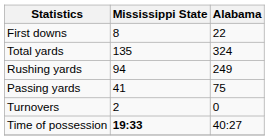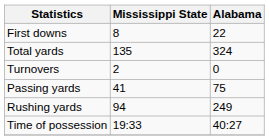 <table class="wikitable" style="float: left;">
 <tr>
 <th>Statistics</th>
 <th>Mississippi State</th>
 <th>Alabama</th>
 </tr>
 <tr>
 <td>First downs</td>
 <td>8</td>
 <td>22</td>
 </tr>
 <tr>
 <td>Total yards</td>
 <td>135</td>
 <td>324</td>
 </tr>
 <tr>
-<td>Rushing yards</td>
-<td>94</td>
-<td>249</td>
+<td>Turnovers</td>
+<td>2</td>
+<td>0</td>
 </tr>
 <tr>
 <td>Passing yards</td>
 <td>41</td>
 <td>75</td>
 </tr>
 <tr>
-<td>Turnovers</td>
-<td>2</td>
-<td>0</td>
+<td>Rushing yards</td>
+<td>94</td>
+<td>249</td>
 </tr>
 <tr>
 <td>Time of possession</td>
-<td><strong>19:33</strong></td>
+<td>19:33</td>
 <td>40:27</td>
 </tr>
 <tr>
 </tr>
 </table>
